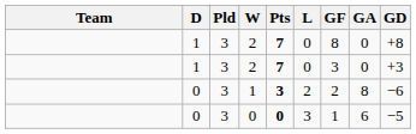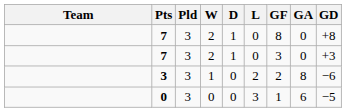 <table class="wikitable" style="text-align:center;">
 <tr>
 <th width=175>Team</th>
-<th width=20 abbr="Drawn">D</th>
+<th width=20 abbr="Points">Pts</th>
 <th width=20 abbr="Played">Pld</th>
 <th width=20 abbr="Won">W</th>
-<th width=20 abbr="Points">Pts</th>
+<th width=20 abbr="Drawn">D</th>
 <th width=20 abbr="Lost">L</th>
 <th width=20 abbr="Goals for">GF</th>
 <th width=20 abbr="Goals against">GA</th>
 <th width=20 abbr="Goal difference">GD</th>
 </tr>
 <tr>
 <td style="text-align:left;"></td>
-<td>1</td>
+<td><strong>7</strong></td>
 <td>3</td>
 <td>2</td>
-<td><strong>7</strong></td>
+<td>1</td>
 <td>0</td>
 <td>8</td>
 <td>0</td>
 <td>+8</td>
 </tr>
 <tr>
 <td style="text-align:left;"></td>
-<td>1</td>
+<td><strong>7</strong></td>
 <td>3</td>
 <td>2</td>
-<td><strong>7</strong></td>
+<td>1</td>
 <td>0</td>
 <td>3</td>
 <td>0</td>
 <td>+3</td>
 </tr>
 <tr>
 <td style="text-align:left;"></td>
-<td>0</td>
+<td><strong>3</strong></td>
 <td>3</td>
 <td>1</td>
-<td><strong>3</strong></td>
+<td>0</td>
 <td>2</td>
 <td>2</td>
 <td>8</td>
 <td>−6</td>
 </tr>
 <tr>
 <td style="text-align:left;"></td>
-<td>0</td>
+<td><strong>0</strong></td>
 <td>3</td>
 <td>0</td>
-<td><strong>0</strong></td>
+<td>0</td>
 <td>3</td>
 <td>1</td>
 <td>6</td>
 <td>−5</td>
 </tr>
 </table>
